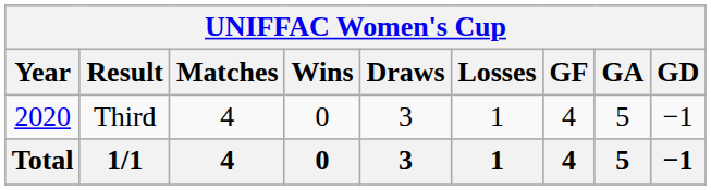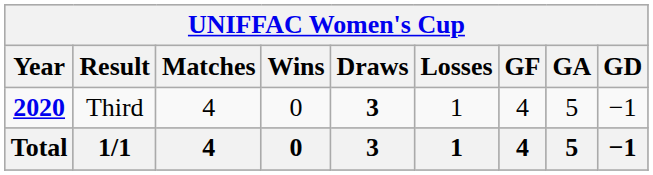 <table class="wikitable" style="text-align: center;">
 <tr>
 <th colspan=9><strong><a href='#'>UNIFFAC Women's Cup</a> </strong></th>
 </tr>
 <tr>
 <th>Year</th>
 <th>Result</th>
 <th>Matches</th>
 <th>Wins</th>
 <th>Draws</th>
 <th>Losses</th>
 <th>GF</th>
 <th>GA</th>
 <th>GD</th>
 </tr>
 <tr>
-<td><a href='#'>2020</a></td>
+<td><strong><a href='#'>2020</a></strong></td>
 <td>Third</td>
 <td>4</td>
 <td>0</td>
-<td>3</td>
+<td><strong>3</strong></td>
 <td>1</td>
 <td>4</td>
 <td>5</td>
 <td>−1</td>
 </tr>
 <tr>
 <th>Total</th>
 <th>1/1</th>
 <th>4</th>
 <th>0</th>
 <th>3</th>
 <th>1</th>
 <th>4</th>
 <th>5</th>
 <th>−1</th>
 </tr>
 </table>
